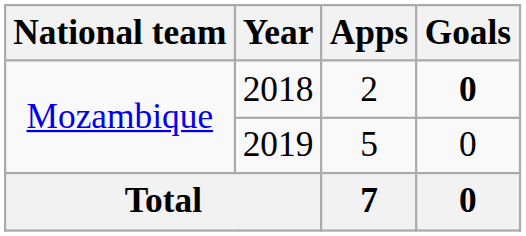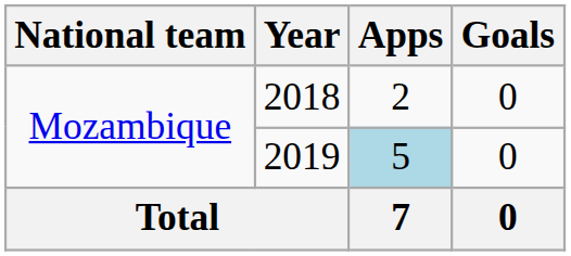 <table class="wikitable" style="text-align:center">
 <tr>
 <th>National team</th>
 <th>Year</th>
 <th>Apps</th>
 <th>Goals</th>
 </tr>
 <tr>
 <td rowspan="2"><a href='#'>Mozambique</a></td>
 <td>2018</td>
 <td>2</td>
-<td><strong>0</strong></td>
+<td>0</td>
 </tr>
 <tr>
 <td>2019</td>
-<td>5</td>
+<td style="background: lightblue;">5</td>
 <td>0</td>
 </tr>
 <tr>
 <th colspan=2>Total</th>
 <th>7</th>
 <th>0</th>
 </tr>
 </table>
